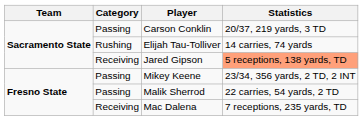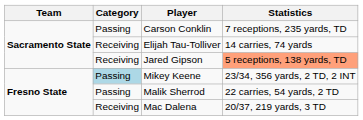 <table class="wikitable" style="float: right;">
 <tr>
 <th>Team</th>
 <th>Category</th>
 <th>Player</th>
 <th>Statistics</th>
 </tr>
 <tr>
 <td rowspan=3><strong>Sacramento State</strong></td>
 <td>Passing</td>
 <td>Carson Conklin</td>
-<td>20/37, 219 yards, 3 TD</td>
+<td>7 receptions, 235 yards, TD</td>
 </tr>
 <tr>
-<td>Rushing</td>
+<td>Receiving</td>
 <td>Elijah Tau-Tolliver</td>
 <td>14 carries, 74 yards</td>
 </tr>
 <tr>
 <td>Receiving</td>
 <td>Jared Gipson</td>
 <td style="background: lightsalmon;">5 receptions, 138 yards, TD</td>
 </tr>
 <tr>
 <td rowspan=3><strong>Fresno State</strong></td>
-<td>Passing</td>
+<td style="background: lightblue;">Passing</td>
 <td>Mikey Keene</td>
 <td>23/34, 356 yards, 2 TD, 2 INT</td>
 </tr>
 <tr>
 <td>Passing</td>
 <td>Malik Sherrod</td>
 <td>22 carries, 54 yards, 2 TD</td>
 </tr>
 <tr>
 <td>Receiving</td>
 <td>Mac Dalena</td>
-<td>7 receptions, 235 yards, TD</td>
+<td>20/37, 219 yards, 3 TD</td>
 </tr>
 </table>
